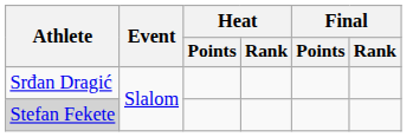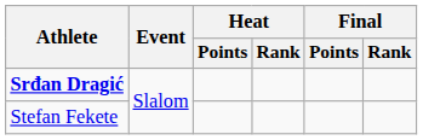 <table class=wikitable style="font-size:90%">
 <tr>
 <th rowspan="2">Athlete</th>
 <th rowspan="2">Event</th>
 <th colspan="2">Heat</th>
 <th colspan="2">Final</th>
 </tr>
 <tr style="font-size:95%">
 <th>Points</th>
 <th>Rank</th>
 <th>Points</th>
 <th>Rank</th>
 </tr>
 <tr align=center>
-<td align=left><a href='#'>Srđan Dragić</a></td>
+<td align=left><strong><a href='#'>Srđan Dragić</a></strong></td>
 <td align=left rowspan=2><a href='#'>Slalom</a></td>
 <td></td>
 <td></td>
 <td></td>
 <td></td>
 </tr>
 <tr align=center>
-<td align=left style="background: lightgrey;"><a href='#'>Stefan Fekete</a></td>
+<td align=left><a href='#'>Stefan Fekete</a></td>
 <td></td>
 <td></td>
 <td></td>
 <td></td>
 </tr>
 </table>
